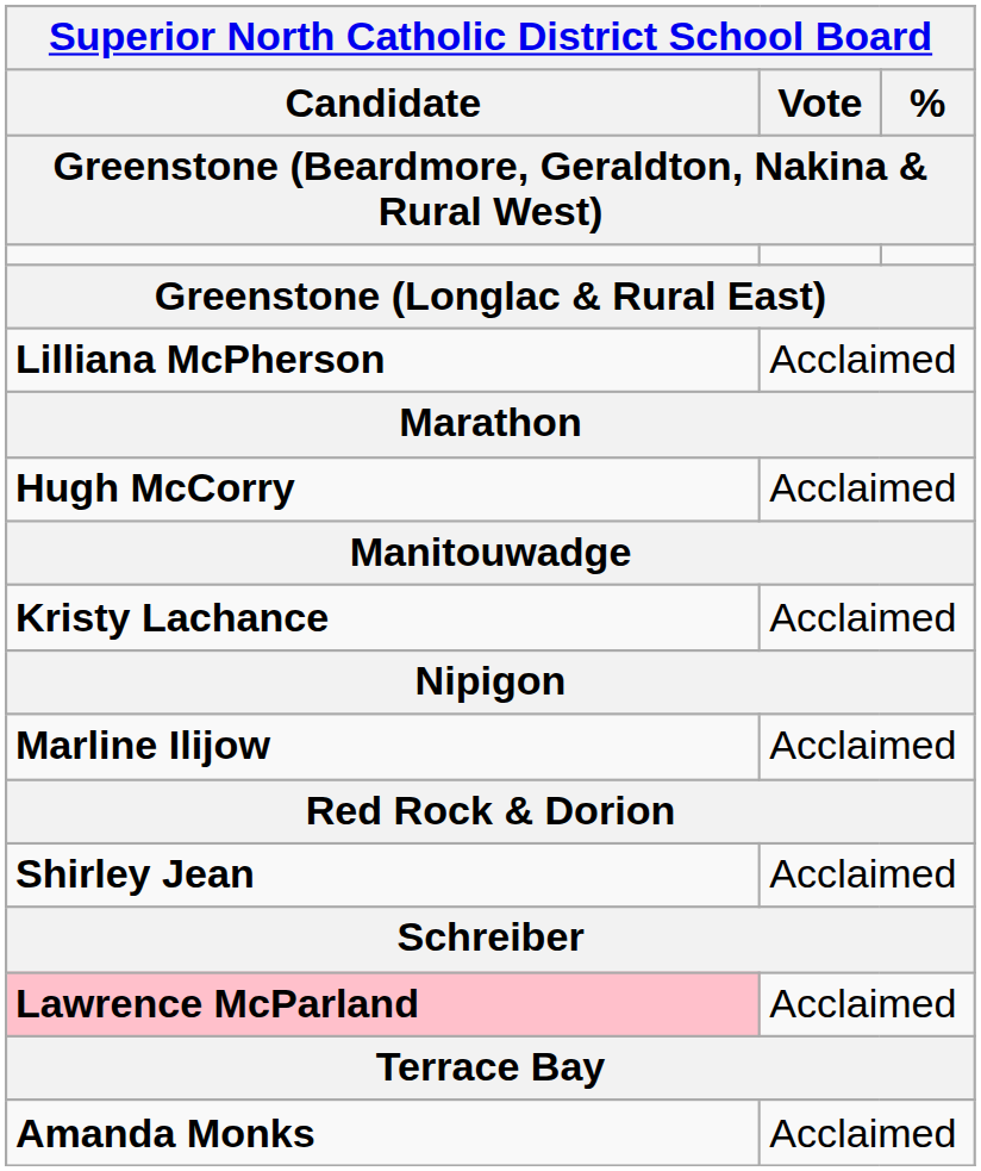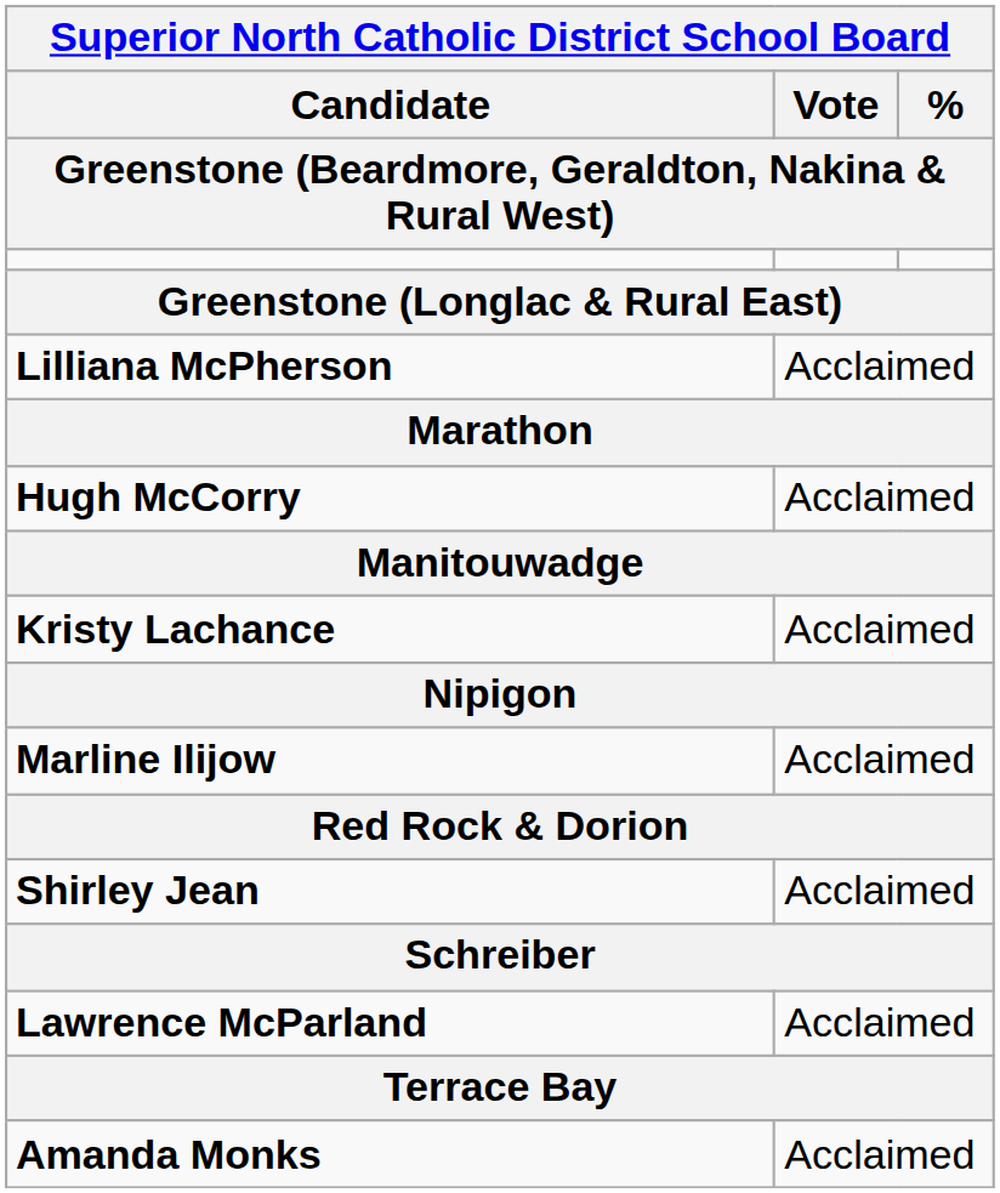 <table class="wikitable">
 <tr>
 <th colspan="3"><strong><a href='#'>Superior North Catholic District School Board</a></strong></th>
 </tr>
 <tr>
 <th bgcolor="#DDDDFF" width="290px">Candidate</th>
 <th bgcolor="#DDDDFF" width="40px">Vote</th>
 <th bgcolor="#DDDDFF" width="30px">%</th>
 </tr>
 <tr>
 <th colspan="3">Greenstone (Beardmore, Geraldton, Nakina & Rural West)</th>
 </tr>
 <tr>
 <td></td>
 <td></td>
 <td></td>
 </tr>
 <tr>
 <th colspan="3">Greenstone (Longlac & Rural East)</th>
 </tr>
 <tr>
 <td><strong>Lilliana McPherson</strong></td>
 <td colspan="2">Acclaimed</td>
 </tr>
 <tr>
 <th colspan="3">Marathon</th>
 </tr>
 <tr>
 <td><strong>Hugh McCorry</strong></td>
 <td colspan="2">Acclaimed</td>
 </tr>
 <tr>
 <th colspan="3">Manitouwadge</th>
 </tr>
 <tr>
 <td><strong>Kristy Lachance</strong></td>
 <td colspan="2">Acclaimed</td>
 </tr>
 <tr>
 <th colspan="3">Nipigon</th>
 </tr>
 <tr>
 <td><strong>Marline Ilijow</strong></td>
 <td colspan="2">Acclaimed</td>
 </tr>
 <tr>
 <th colspan="3">Red Rock & Dorion</th>
 </tr>
 <tr>
 <td><strong>Shirley Jean</strong></td>
 <td colspan="2">Acclaimed</td>
 </tr>
 <tr>
 <th colspan="3">Schreiber</th>
 </tr>
 <tr>
-<td style="background: pink;"><strong>Lawrence McParland</strong></td>
+<td><strong>Lawrence McParland</strong></td>
 <td colspan="2">Acclaimed</td>
 </tr>
 <tr>
 <th colspan="3">Terrace Bay</th>
 </tr>
 <tr>
 <td><strong>Amanda Monks</strong></td>
 <td colspan="2">Acclaimed</td>
 </tr>
 </table>
